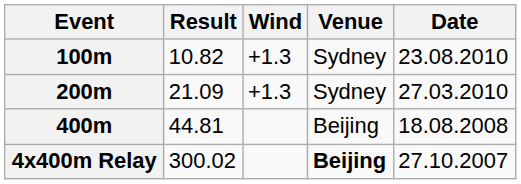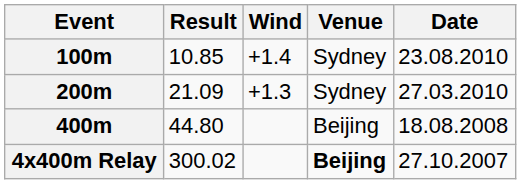 <table border="2" class="wikitable" style="width: 60%;">
 <tr>
 <th>Event</th>
 <th>Result</th>
 <th>Wind</th>
 <th>Venue</th>
 <th>Date</th>
 </tr>
 <tr>
 <th>100m</th>
-<td>10.82</td>
-<td>+1.3</td>
+<td>10.85</td>
+<td>+1.4</td>
 <td>Sydney</td>
 <td>23.08.2010</td>
 </tr>
 <tr>
 <th>200m</th>
 <td>21.09</td>
 <td>+1.3</td>
 <td>Sydney</td>
 <td>27.03.2010</td>
 </tr>
 <tr>
 <th>400m</th>
-<td>44.81</td>
+<td>44.80</td>
 <td></td>
 <td>Beijing</td>
 <td>18.08.2008</td>
 </tr>
 <tr>
 <th>4x400m Relay</th>
 <td>300.02</td>
 <td></td>
 <td><strong>Beijing</strong></td>
 <td>27.10.2007</td>
 </tr>
 </table>
